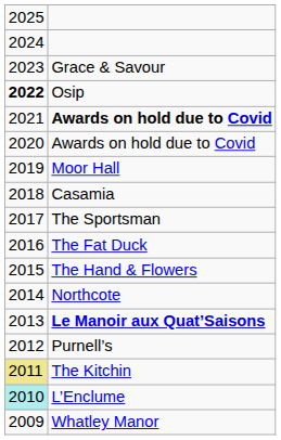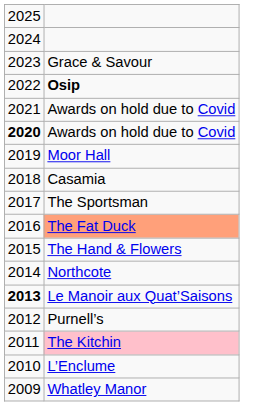 <table class="wikitable">
 <tr>
 <td>2025</td>
 <td></td>
 </tr>
 <tr>
 <td>2024</td>
 <td></td>
 </tr>
 <tr>
 <td>2023</td>
 <td>Grace & Savour</td>
 </tr>
 <tr>
-<td><strong>2022</strong></td>
-<td>Osip</td>
+<td>2022</td>
+<td><strong>Osip</strong></td>
 </tr>
 <tr>
 <td>2021</td>
-<td><strong>Awards on hold due to <a href='#'>Covid</a></strong></td>
+<td>Awards on hold due to <a href='#'>Covid</a></td>
 </tr>
 <tr>
-<td>2020</td>
+<td><strong>2020</strong></td>
 <td>Awards on hold due to <a href='#'>Covid</a></td>
 </tr>
 <tr>
 <td>2019</td>
 <td><a href='#'>Moor Hall</a></td>
 </tr>
 <tr>
 <td>2018</td>
 <td>Casamia</td>
 </tr>
 <tr>
 <td>2017</td>
 <td>The Sportsman</td>
 </tr>
 <tr>
 <td>2016</td>
-<td><a href='#'>The Fat Duck</a></td>
+<td style="background: lightsalmon;"><a href='#'>The Fat Duck</a></td>
 </tr>
 <tr>
 <td>2015</td>
 <td><a href='#'>The Hand & Flowers</a></td>
 </tr>
 <tr>
 <td>2014</td>
 <td><a href='#'>Northcote</a></td>
 </tr>
 <tr>
-<td>2013</td>
-<td><strong><a href='#'>Le Manoir aux Quat’Saisons</a></strong></td>
+<td><strong>2013</strong></td>
+<td><a href='#'>Le Manoir aux Quat’Saisons</a></td>
 </tr>
 <tr>
 <td>2012</td>
 <td>Purnell’s</td>
 </tr>
 <tr>
-<td style="background: khaki;">2011</td>
-<td><a href='#'>The Kitchin</a></td>
+<td>2011</td>
+<td style="background: pink;"><a href='#'>The Kitchin</a></td>
 </tr>
 <tr>
-<td style="background: paleturquoise;">2010</td>
+<td>2010</td>
 <td><a href='#'>L’Enclume</a></td>
 </tr>
 <tr>
 <td>2009</td>
 <td><a href='#'>Whatley Manor</a></td>
 </tr>
 </table>
